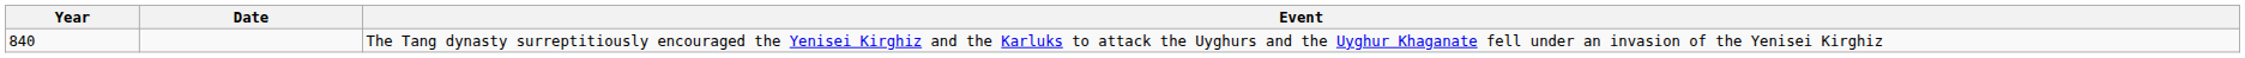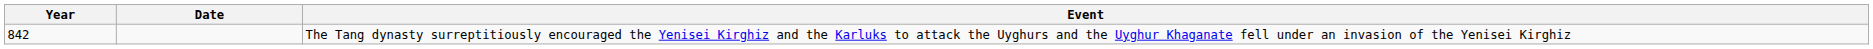 <table class="wikitable" width="100%">
 <tr>
 <th style="width:6%">Year</th>
 <th style="width:10%">Date</th>
 <th>Event</th>
 </tr>
 <tr>
-<td>840</td>
+<td>842</td>
 <td></td>
 <td>The Tang dynasty surreptitiously encouraged the <a href='#'>Yenisei Kirghiz</a> and the <a href='#'>Karluks</a> to attack the Uyghurs and the <a href='#'>Uyghur Khaganate</a> fell under an invasion of the Yenisei Kirghiz</td>
 </tr>
 </table>
